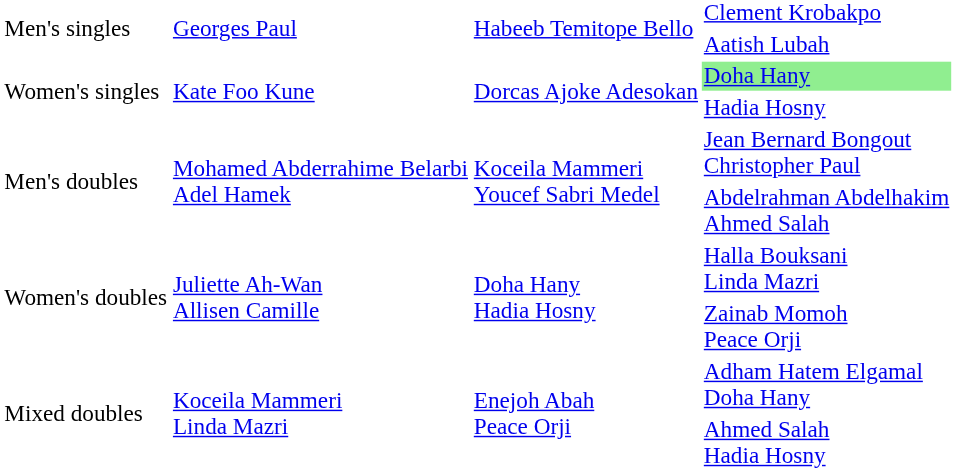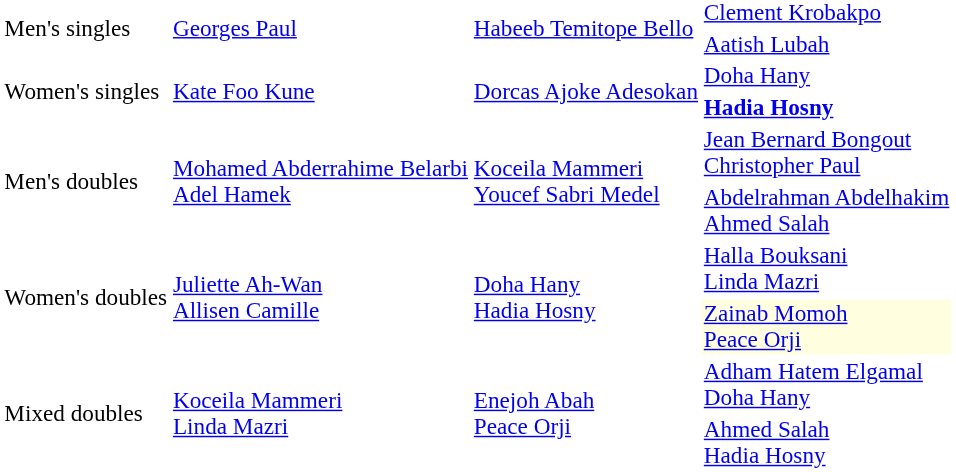 <table>
 <tr>
 <td rowspan=2>Men's singles</td>
 <td rowspan=2> <a href='#'>Georges Paul</a></td>
 <td rowspan=2> <a href='#'>Habeeb Temitope Bello</a></td>
 <td> <a href='#'>Clement Krobakpo</a></td>
 </tr>
 <tr>
 <td> <a href='#'>Aatish Lubah</a></td>
 </tr>
 <tr>
 <td rowspan=2>Women's singles</td>
 <td rowspan=2> <a href='#'>Kate Foo Kune</a></td>
 <td rowspan=2> <a href='#'>Dorcas Ajoke Adesokan</a></td>
-<td style="background: lightgreen;"> <a href='#'>Doha Hany</a></td>
+<td> <a href='#'>Doha Hany</a></td>
 </tr>
 <tr>
-<td> <a href='#'>Hadia Hosny</a></td>
+<td><strong> <a href='#'>Hadia Hosny</a></strong></td>
 </tr>
 <tr>
 <td rowspan=2>Men's doubles</td>
 <td rowspan=2> <a href='#'>Mohamed Abderrahime Belarbi</a><br> <a href='#'>Adel Hamek</a></td>
 <td rowspan=2> <a href='#'>Koceila Mammeri</a><br> <a href='#'>Youcef Sabri Medel</a></td>
 <td> <a href='#'>Jean Bernard Bongout</a><br> <a href='#'>Christopher Paul</a></td>
 </tr>
 <tr>
 <td> <a href='#'>Abdelrahman Abdelhakim</a><br> <a href='#'>Ahmed Salah</a></td>
 </tr>
 <tr>
 <td rowspan=2>Women's doubles</td>
 <td rowspan=2> <a href='#'>Juliette Ah-Wan</a><br> <a href='#'>Allisen Camille</a></td>
 <td rowspan=2> <a href='#'>Doha Hany</a><br> <a href='#'>Hadia Hosny</a></td>
 <td> <a href='#'>Halla Bouksani</a><br> <a href='#'>Linda Mazri</a></td>
 </tr>
 <tr>
-<td> <a href='#'>Zainab Momoh</a><br> <a href='#'>Peace Orji</a></td>
+<td style="background: lightyellow;"> <a href='#'>Zainab Momoh</a><br> <a href='#'>Peace Orji</a></td>
 </tr>
 <tr>
 <td rowspan=2>Mixed doubles</td>
 <td rowspan=2> <a href='#'>Koceila Mammeri</a><br> <a href='#'>Linda Mazri</a></td>
 <td rowspan=2> <a href='#'>Enejoh Abah</a><br> <a href='#'>Peace Orji</a></td>
 <td> <a href='#'>Adham Hatem Elgamal</a><br> <a href='#'>Doha Hany</a></td>
 </tr>
 <tr>
 <td> <a href='#'>Ahmed Salah</a><br> <a href='#'>Hadia Hosny</a></td>
 </tr>
 </table>
